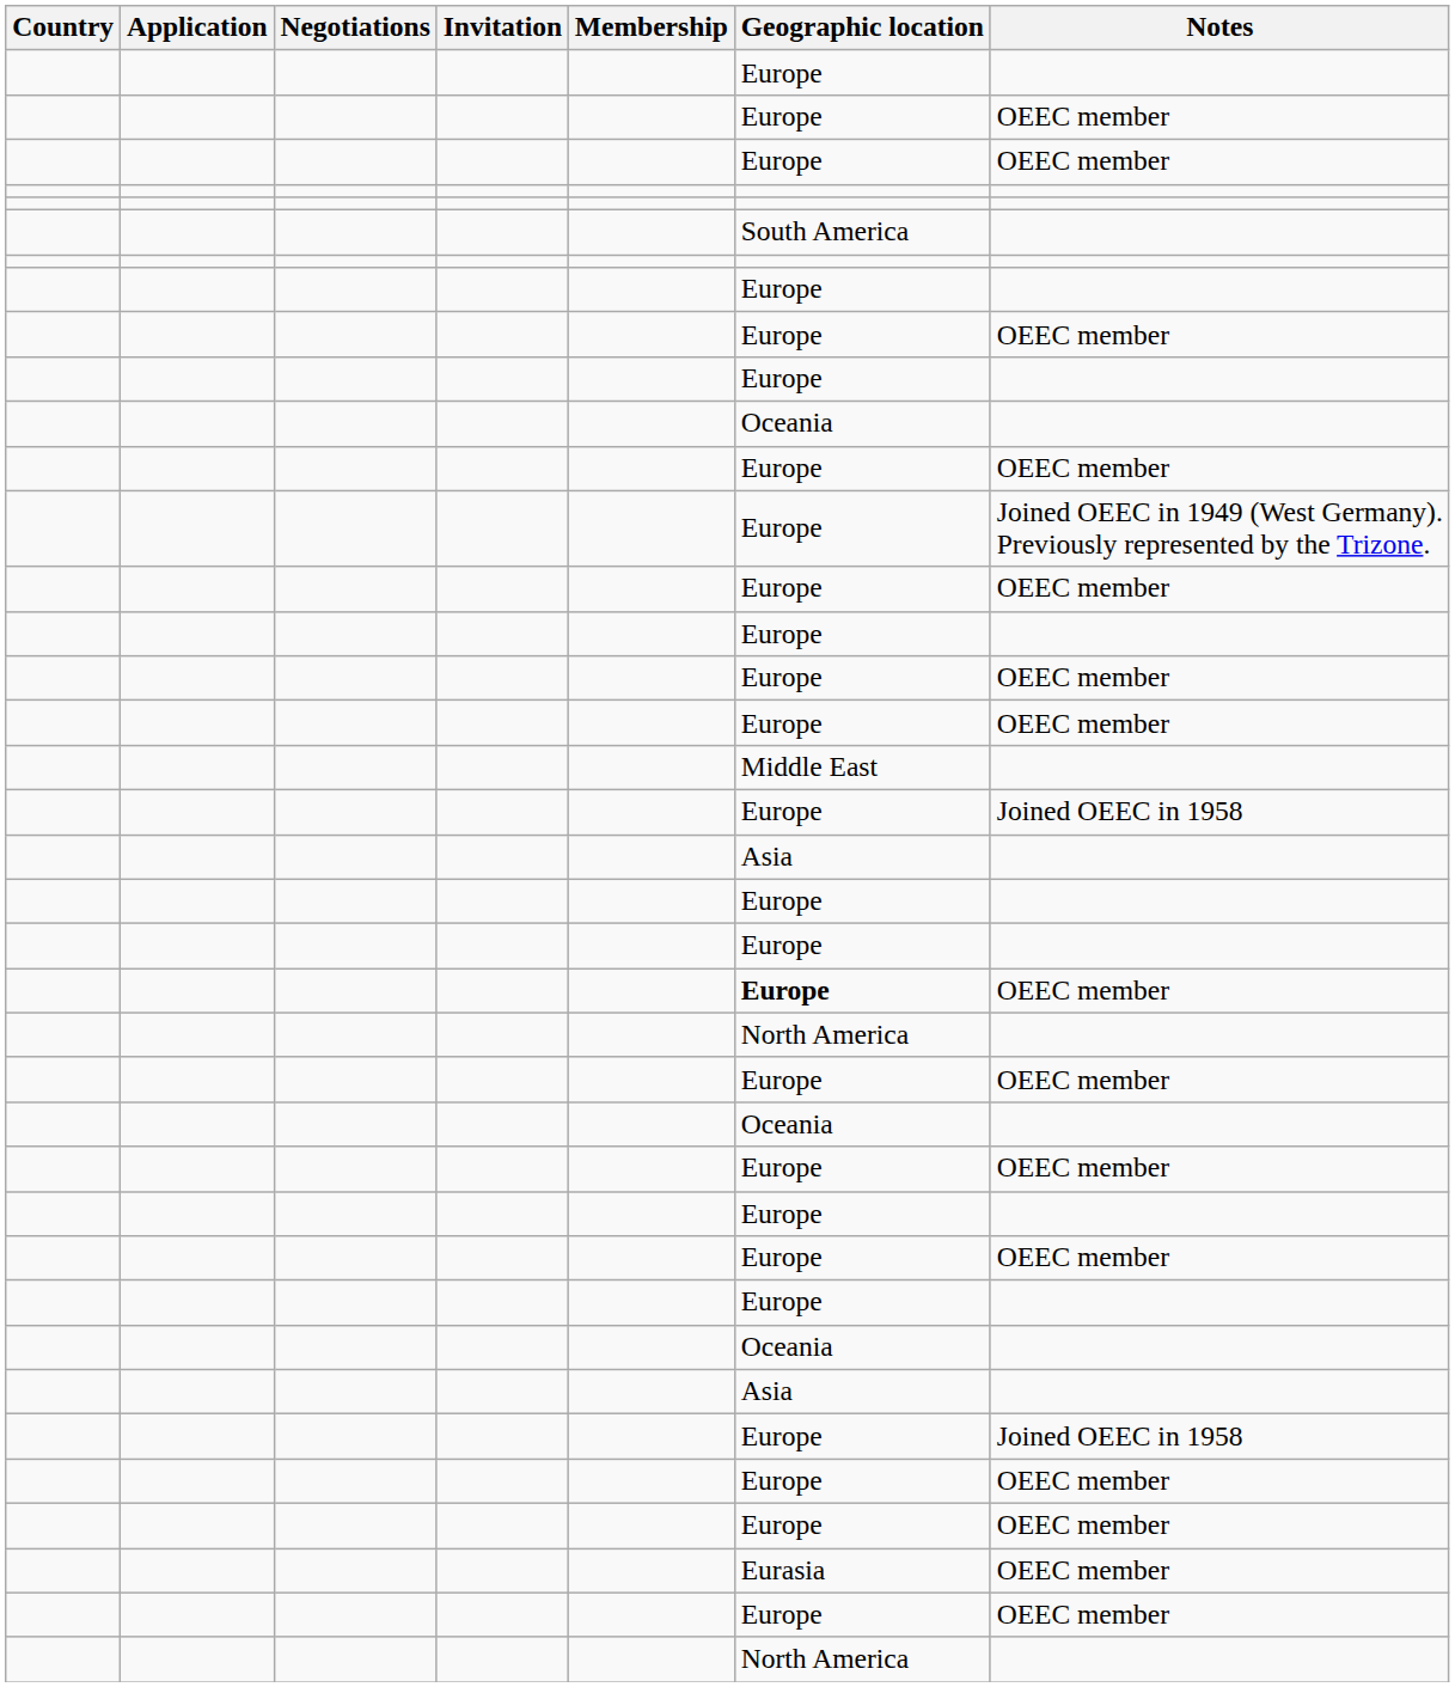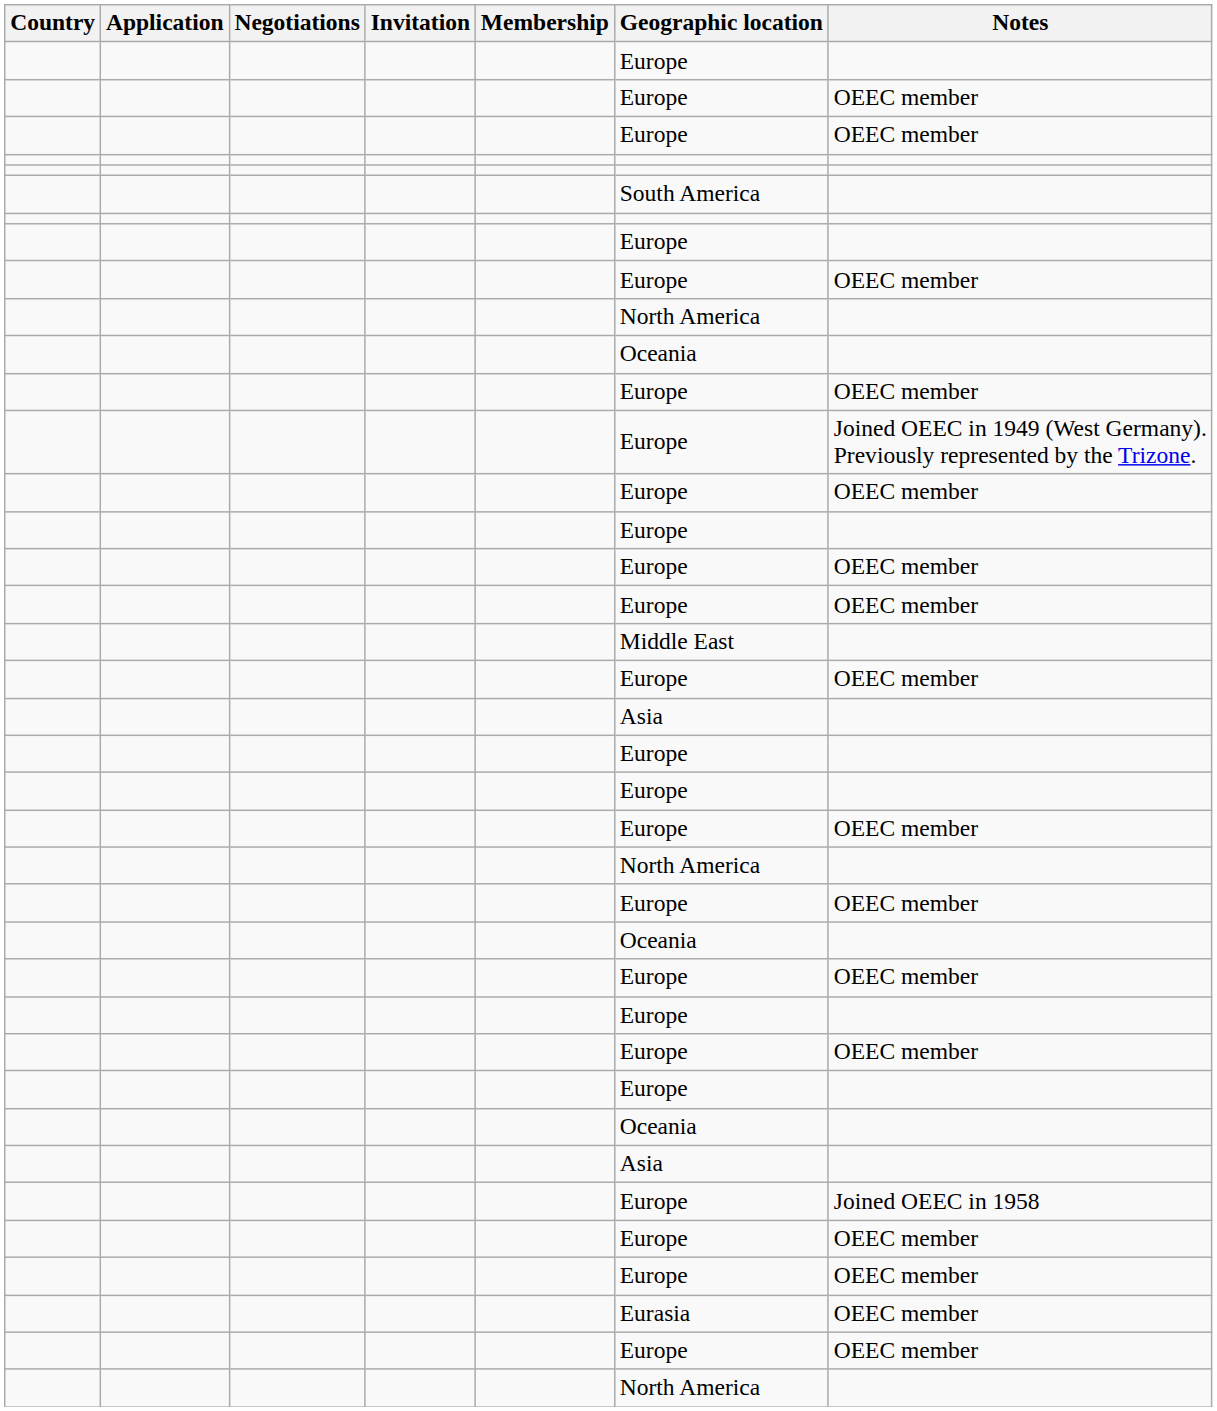 <table class="wikitable sortable mw-datatable sticky-header sort-under static-row-numbers">
 <tr>
 <th>Country</th>
 <th>Application</th>
 <th>Negotiations</th>
 <th>Invitation</th>
 <th>Membership</th>
 <th>Geographic location</th>
 <th class=unsortable>Notes</th>
 </tr>
 <tr>
 <td></td>
 <td></td>
 <td></td>
 <td></td>
 <td></td>
 <td>Europe</td>
 <td></td>
 </tr>
 <tr>
 <td></td>
 <td></td>
 <td></td>
 <td></td>
 <td></td>
 <td>Europe</td>
 <td>OEEC member</td>
 </tr>
 <tr>
 <td></td>
 <td></td>
 <td></td>
 <td></td>
 <td></td>
 <td>Europe</td>
 <td>OEEC member</td>
 </tr>
 <tr>
 <td></td>
 <td></td>
 <td></td>
 <td></td>
 <td></td>
 <td></td>
 <td></td>
 </tr>
 <tr>
 <td></td>
 <td></td>
 <td></td>
 <td></td>
 <td></td>
 <td></td>
 <td></td>
 </tr>
 <tr>
 <td></td>
 <td></td>
 <td></td>
 <td></td>
 <td></td>
 <td>South America</td>
 <td></td>
 </tr>
 <tr>
 <td></td>
 <td></td>
 <td></td>
 <td></td>
 <td></td>
 <td></td>
 <td></td>
 </tr>
 <tr>
 <td></td>
 <td></td>
 <td></td>
 <td></td>
 <td></td>
 <td>Europe</td>
 <td></td>
 </tr>
 <tr>
 <td></td>
 <td></td>
 <td></td>
 <td></td>
 <td></td>
 <td>Europe</td>
 <td>OEEC member</td>
 </tr>
 <tr>
 <td></td>
 <td></td>
 <td></td>
 <td></td>
 <td></td>
-<td>Europe</td>
+<td>North America</td>
 <td></td>
 </tr>
 <tr>
 <td></td>
 <td></td>
 <td></td>
 <td></td>
 <td></td>
 <td>Oceania</td>
 <td></td>
 </tr>
 <tr>
 <td></td>
 <td></td>
 <td></td>
 <td></td>
 <td></td>
 <td>Europe</td>
 <td>OEEC member</td>
 </tr>
 <tr>
 <td></td>
 <td></td>
 <td></td>
 <td></td>
 <td></td>
 <td>Europe</td>
 <td>Joined OEEC in 1949 (West Germany).<br>Previously represented by the <a href='#'>Trizone</a>.</td>
 </tr>
 <tr>
 <td></td>
 <td></td>
 <td></td>
 <td></td>
 <td></td>
 <td>Europe</td>
 <td>OEEC member</td>
 </tr>
 <tr>
 <td></td>
 <td></td>
 <td></td>
 <td></td>
 <td></td>
 <td>Europe</td>
 <td></td>
 </tr>
 <tr>
 <td></td>
 <td></td>
 <td></td>
 <td></td>
 <td></td>
 <td>Europe</td>
 <td>OEEC member</td>
 </tr>
 <tr>
 <td></td>
 <td></td>
 <td></td>
 <td></td>
 <td></td>
 <td>Europe</td>
 <td>OEEC member</td>
 </tr>
 <tr>
 <td></td>
 <td></td>
 <td></td>
 <td></td>
 <td></td>
 <td>Middle East</td>
 <td></td>
 </tr>
 <tr>
 <td></td>
 <td></td>
 <td></td>
 <td></td>
 <td></td>
 <td>Europe</td>
-<td>Joined OEEC in 1958</td>
+<td>OEEC member</td>
 </tr>
 <tr>
 <td></td>
 <td></td>
 <td></td>
 <td></td>
 <td></td>
 <td>Asia</td>
 <td></td>
 </tr>
 <tr>
 <td></td>
 <td></td>
 <td></td>
 <td></td>
 <td></td>
 <td>Europe</td>
 <td></td>
 </tr>
 <tr>
 <td></td>
 <td></td>
 <td></td>
 <td></td>
 <td></td>
 <td>Europe</td>
 <td></td>
 </tr>
 <tr>
 <td></td>
 <td></td>
 <td></td>
 <td></td>
 <td></td>
-<td><strong>Europe</strong></td>
+<td>Europe</td>
 <td>OEEC member</td>
 </tr>
 <tr>
 <td></td>
 <td></td>
 <td></td>
 <td></td>
 <td></td>
 <td>North America</td>
 <td></td>
 </tr>
 <tr>
 <td></td>
 <td></td>
 <td></td>
 <td></td>
 <td></td>
 <td>Europe</td>
 <td>OEEC member</td>
 </tr>
 <tr>
 <td></td>
 <td></td>
 <td></td>
 <td></td>
 <td></td>
 <td>Oceania</td>
 <td></td>
 </tr>
 <tr>
 <td></td>
 <td></td>
 <td></td>
 <td></td>
 <td></td>
 <td>Europe</td>
 <td>OEEC member</td>
 </tr>
 <tr>
 <td></td>
 <td></td>
 <td></td>
 <td></td>
 <td></td>
 <td>Europe</td>
 <td></td>
 </tr>
 <tr>
 <td></td>
 <td></td>
 <td></td>
 <td></td>
 <td></td>
 <td>Europe</td>
 <td>OEEC member</td>
 </tr>
 <tr>
 <td></td>
 <td></td>
 <td></td>
 <td></td>
 <td></td>
 <td>Europe</td>
 <td></td>
 </tr>
 <tr>
 <td></td>
 <td></td>
 <td></td>
 <td></td>
 <td></td>
 <td>Oceania</td>
 <td></td>
 </tr>
 <tr>
 <td></td>
 <td></td>
 <td></td>
 <td></td>
 <td></td>
 <td>Asia</td>
 <td></td>
 </tr>
 <tr>
 <td></td>
 <td></td>
 <td></td>
 <td></td>
 <td></td>
 <td>Europe</td>
 <td>Joined OEEC in 1958</td>
 </tr>
 <tr>
 <td></td>
 <td></td>
 <td></td>
 <td></td>
 <td></td>
 <td>Europe</td>
 <td>OEEC member</td>
 </tr>
 <tr>
 <td></td>
 <td></td>
 <td></td>
 <td></td>
 <td></td>
 <td>Europe</td>
 <td>OEEC member</td>
 </tr>
 <tr>
 <td></td>
 <td></td>
 <td></td>
 <td></td>
 <td></td>
 <td>Eurasia</td>
 <td>OEEC member</td>
 </tr>
 <tr>
 <td></td>
 <td></td>
 <td></td>
 <td></td>
 <td></td>
 <td>Europe</td>
 <td>OEEC member</td>
 </tr>
 <tr>
 <td></td>
 <td></td>
 <td></td>
 <td></td>
 <td></td>
 <td>North America</td>
 <td></td>
 </tr>
 </table>
